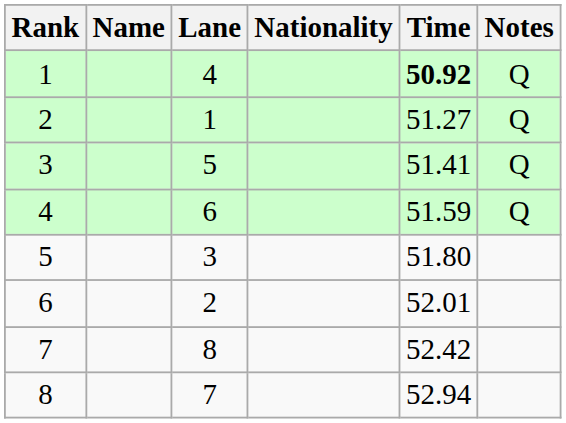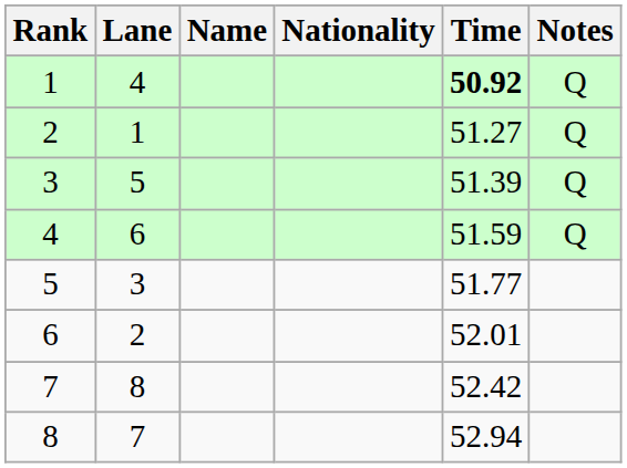 <table class="wikitable sortable" style="text-align:center">
 <tr>
 <th>Rank</th>
+<th>Lane</th>
 <th>Name</th>
-<th>Lane</th>
 <th>Nationality</th>
 <th>Time</th>
 <th class="unsortable">Notes</th>
 </tr>
 <tr bgcolor="#ccffcc">
 <td>1</td>
+<td>4</td>
 <td align="left"></td>
-<td>4</td>
 <td align="left"></td>
 <td><strong>50.92</strong></td>
 <td>Q</td>
 </tr>
 <tr bgcolor="#ccffcc">
 <td>2</td>
+<td>1</td>
 <td align="left"></td>
-<td>1</td>
 <td align="left"></td>
 <td>51.27</td>
 <td>Q</td>
 </tr>
 <tr bgcolor="#ccffcc">
 <td>3</td>
-<td align="left"></td>
 <td>5</td>
 <td align="left"></td>
-<td>51.41</td>
+<td align="left"></td>
+<td>51.39</td>
 <td>Q</td>
 </tr>
 <tr bgcolor="#ccffcc">
 <td>4</td>
+<td>6</td>
 <td align="left"></td>
-<td>6</td>
 <td align="left"></td>
 <td>51.59</td>
 <td>Q</td>
 </tr>
 <tr>
 <td>5</td>
-<td align="left"></td>
 <td>3</td>
 <td align="left"></td>
-<td>51.80</td>
+<td align="left"></td>
+<td>51.77</td>
 <td></td>
 </tr>
 <tr>
 <td>6</td>
+<td>2</td>
 <td align="left"></td>
-<td>2</td>
 <td align="left"></td>
 <td>52.01</td>
 <td></td>
 </tr>
 <tr>
 <td>7</td>
+<td>8</td>
 <td align="left"></td>
-<td>8</td>
 <td align="left"></td>
 <td>52.42</td>
 <td></td>
 </tr>
 <tr>
 <td>8</td>
+<td>7</td>
 <td align="left"></td>
-<td>7</td>
 <td align="left"></td>
 <td>52.94</td>
 <td></td>
 </tr>
 </table>
